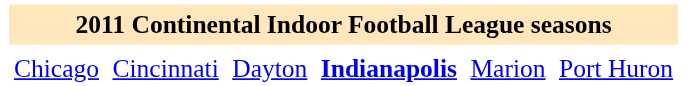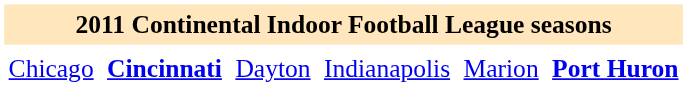 <table cellspacing="2" cellpadding="3" class="toccolours" style="font-size: 95%; margin: auto; text-align: center;">
 <tr>
 <th colspan="10" style="background-color: #FFE6BD;"><strong>2011 Continental Indoor Football League seasons</strong></th>
 </tr>
 <tr>
 <td style=><a href='#'>Chicago</a></td>
-<td style=><a href='#'>Cincinnati</a></td>
+<td style=><strong><a href='#'>Cincinnati</a></strong></td>
 <td style=><a href='#'>Dayton</a></td>
-<td style=><strong><a href='#'>Indianapolis</a></strong></td>
+<td style=><a href='#'>Indianapolis</a></td>
 <td style=><a href='#'>Marion</a></td>
-<td style=><a href='#'>Port Huron</a></td>
+<td style=><strong><a href='#'>Port Huron</a></strong></td>
 </tr>
 <tr>
 </tr>
 </table>
